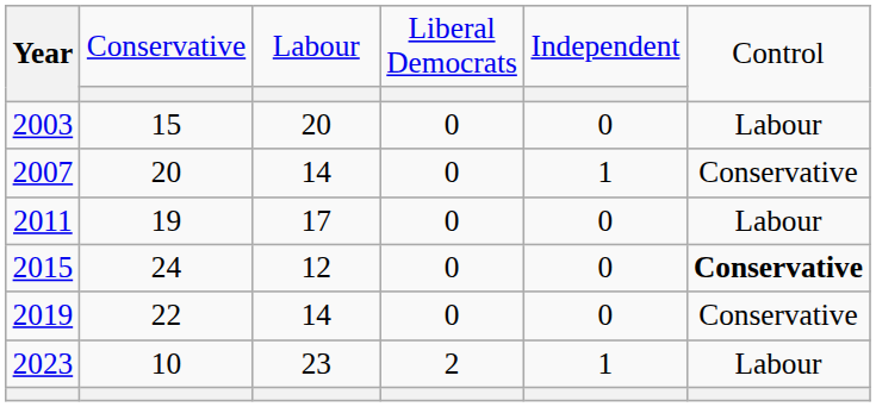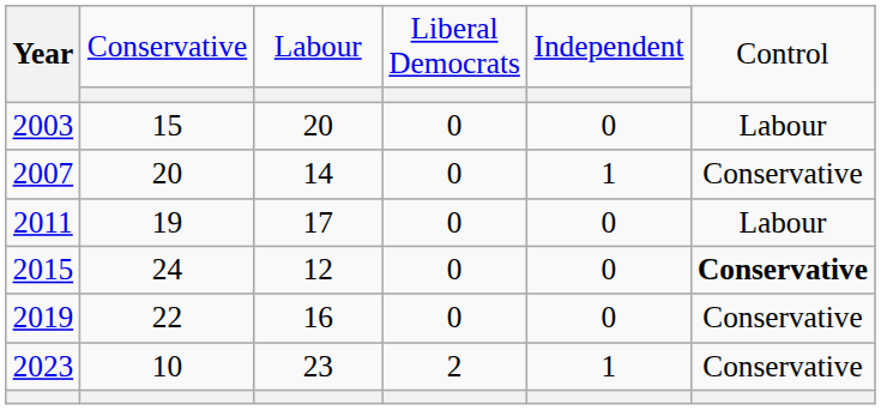 <table class=wikitable style=text-align:center>
 <tr>
 <th rowspan=2>Year</th>
 <td width="60"><a href='#'>Conservative</a></td>
 <td width="60"><a href='#'>Labour</a></td>
 <td width="60"><a href='#'>Liberal Democrats</a></td>
 <td width="60"><a href='#'>Independent</a></td>
 <td rowspan=2>Control</td>
 </tr>
 <tr>
 <th style="background-color: "></th>
 <th style="background-color: "></th>
 <th style="background-color: "></th>
 <th style="background-color: "></th>
 </tr>
 <tr>
 <td><a href='#'>2003</a></td>
 <td>15</td>
 <td>20</td>
 <td>0</td>
 <td>0</td>
 <td bgcolor=>Labour</td>
 </tr>
 <tr>
 <td><a href='#'>2007</a></td>
 <td>20</td>
 <td>14</td>
 <td>0</td>
 <td>1</td>
 <td bgcolor=>Conservative</td>
 </tr>
 <tr>
 <td><a href='#'>2011</a></td>
 <td>19</td>
 <td>17</td>
 <td>0</td>
 <td>0</td>
 <td bgcolor=>Labour</td>
 </tr>
 <tr>
 <td><a href='#'>2015</a></td>
 <td>24</td>
 <td>12</td>
 <td>0</td>
 <td>0</td>
 <td bgcolor=><strong>Conservative</strong></td>
 </tr>
 <tr>
 <td><a href='#'>2019</a></td>
 <td>22</td>
-<td>14</td>
+<td>16</td>
 <td>0</td>
 <td>0</td>
 <td bgcolor=>Conservative</td>
 </tr>
 <tr>
 <td><a href='#'>2023</a></td>
 <td>10</td>
 <td>23</td>
 <td>2</td>
 <td>1</td>
-<td bgcolor=>Labour</td>
+<td bgcolor=>Conservative</td>
 </tr>
 <tr>
 <th></th>
 <th style="background-color: "></th>
 <th style="background-color: "></th>
 <th style="background-color: "></th>
 <th style="background-color: "></th>
 <th></th>
 </tr>
 </table>
